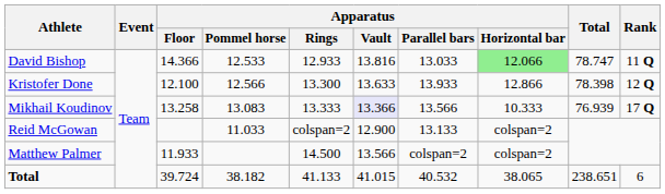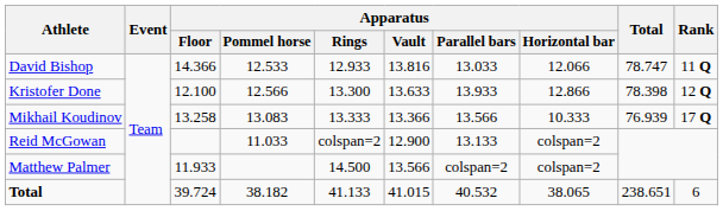 <table class="wikitable" style="text-align:center;font-size:90%">
 <tr>
 <th rowspan=2>Athlete</th>
 <th rowspan=2>Event</th>
 <th colspan=6>Apparatus</th>
 <th rowspan=2>Total</th>
 <th rowspan=2>Rank</th>
 </tr>
 <tr style="font-size:95%">
 <th>Floor</th>
 <th>Pommel horse</th>
 <th>Rings</th>
 <th>Vault</th>
 <th>Parallel bars</th>
 <th>Horizontal bar</th>
 </tr>
 <tr>
 <td align=left><a href='#'>David Bishop</a></td>
 <td align=left rowspan=6><a href='#'>Team</a></td>
 <td>14.366</td>
 <td>12.533</td>
 <td>12.933</td>
 <td>13.816</td>
 <td>13.033</td>
-<td style="background: lightgreen;">12.066</td>
+<td>12.066</td>
 <td>78.747</td>
 <td>11 <strong>Q</strong></td>
 </tr>
 <tr>
 <td align=left><a href='#'>Kristofer Done</a></td>
 <td>12.100</td>
 <td>12.566</td>
 <td>13.300</td>
 <td>13.633</td>
 <td>13.933</td>
 <td>12.866</td>
 <td>78.398</td>
 <td>12 <strong>Q</strong></td>
 </tr>
 <tr>
 <td align=left><a href='#'>Mikhail Koudinov</a></td>
 <td>13.258</td>
 <td>13.083</td>
 <td>13.333</td>
-<td style="background: lavender;">13.366</td>
+<td>13.366</td>
 <td>13.566</td>
 <td>10.333</td>
 <td>76.939</td>
 <td>17 <strong>Q</strong></td>
 </tr>
 <tr>
 <td align=left><a href='#'>Reid McGowan</a></td>
 <td></td>
 <td>11.033</td>
 <td>colspan=2 </td>
 <td>12.900</td>
 <td>13.133</td>
 <td>colspan=2 </td>
 </tr>
 <tr>
 <td align=left><a href='#'>Matthew Palmer</a></td>
 <td>11.933</td>
 <td></td>
 <td>14.500</td>
 <td>13.566</td>
 <td>colspan=2 </td>
 <td>colspan=2 </td>
 </tr>
 <tr>
 <td align=left><strong>Total</strong></td>
 <td>39.724</td>
 <td>38.182</td>
 <td>41.133</td>
 <td>41.015</td>
 <td>40.532</td>
 <td>38.065</td>
 <td>238.651</td>
 <td>6</td>
 </tr>
 </table>
